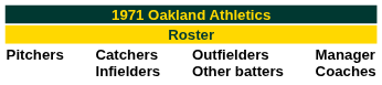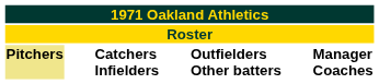 <table class="toccolours" style="font-size: 95%;">
 <tr>
 <th colspan="10" style="background-color: #003831; color: #FFD800; text-align: center;">1971 Oakland Athletics</th>
 </tr>
 <tr>
 <td colspan="10" style="background-color: #FFD800; color: #003831; text-align: center;"><strong>Roster</strong></td>
 </tr>
 <tr>
-<td valign="top"><strong>Pitchers</strong><br>               </td>
+<td valign="top" style="background: khaki;"><strong>Pitchers</strong><br>               </td>
 <td width="25px"></td>
 <td valign="top"><strong>Catchers</strong><br>    <strong>Infielders</strong>           </td>
 <td width="25px"></td>
 <td valign="top"><strong>Outfielders</strong><br>        <strong>Other batters</strong> </td>
 <td width="25px"></td>
 <td valign="top"><strong>Manager</strong><br> <strong>Coaches</strong>    </td>
 </tr>
 </table>
